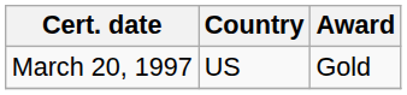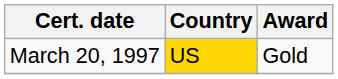 <table class="wikitable">
 <tr>
 <th>Cert. date</th>
 <th>Country</th>
 <th>Award</th>
 </tr>
 <tr>
 <td>March 20, 1997</td>
-<td>US</td>
+<td style="background: gold;">US</td>
 <td>Gold</td>
 </tr>
 <tr>
 </tr>
 </table>
